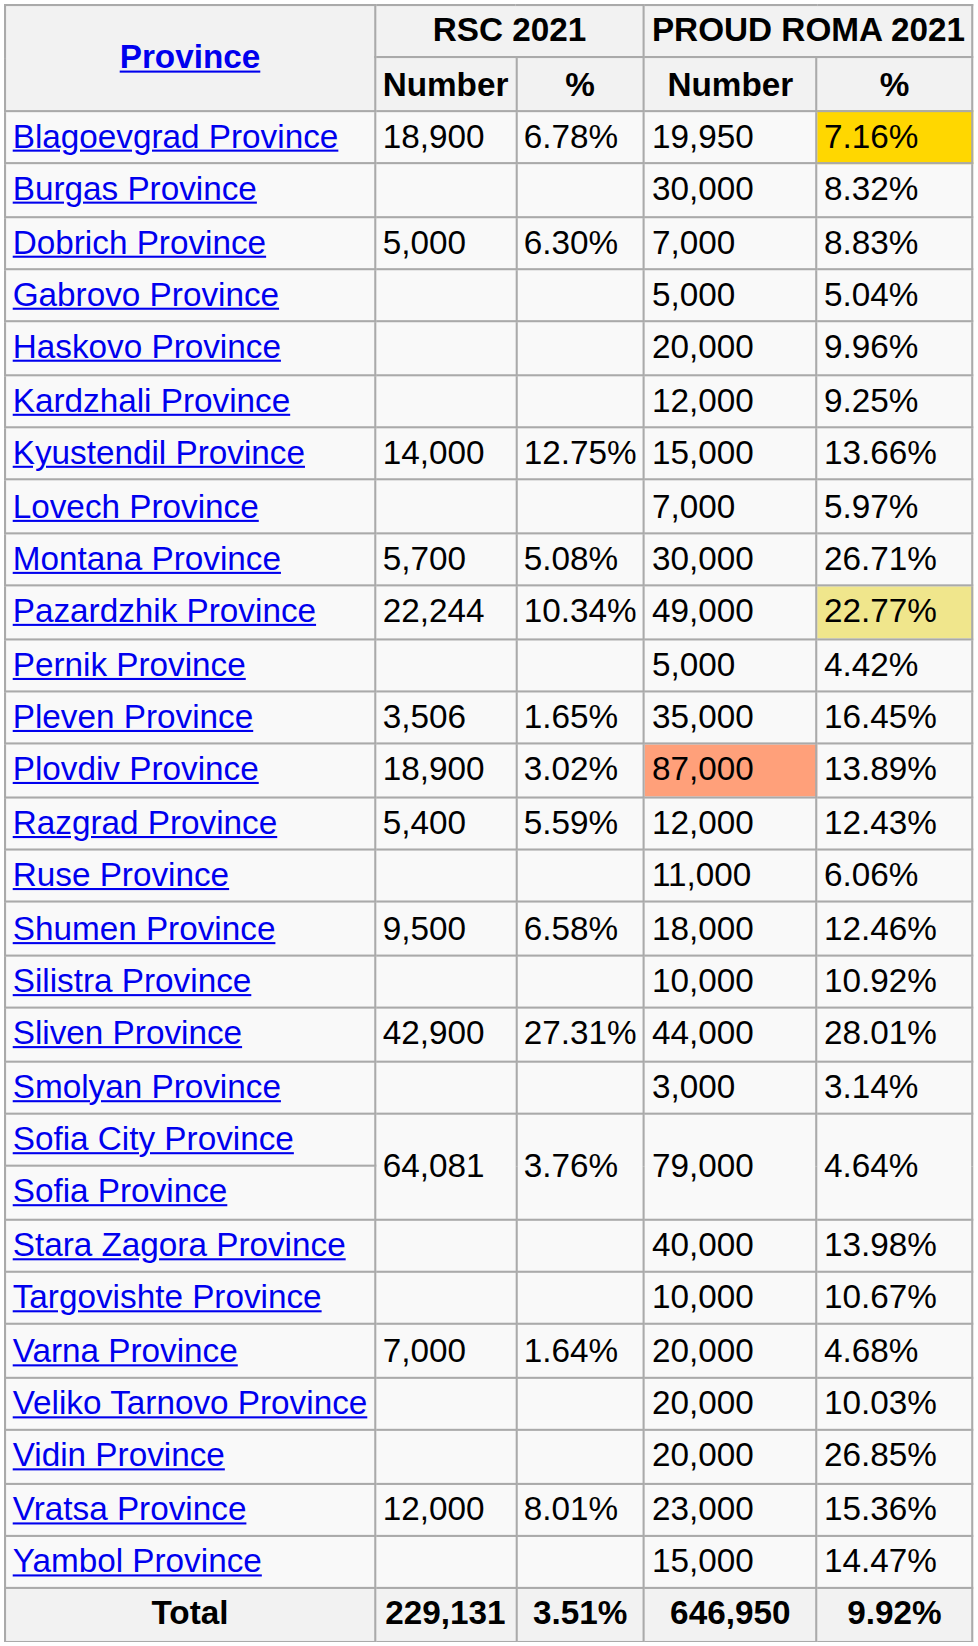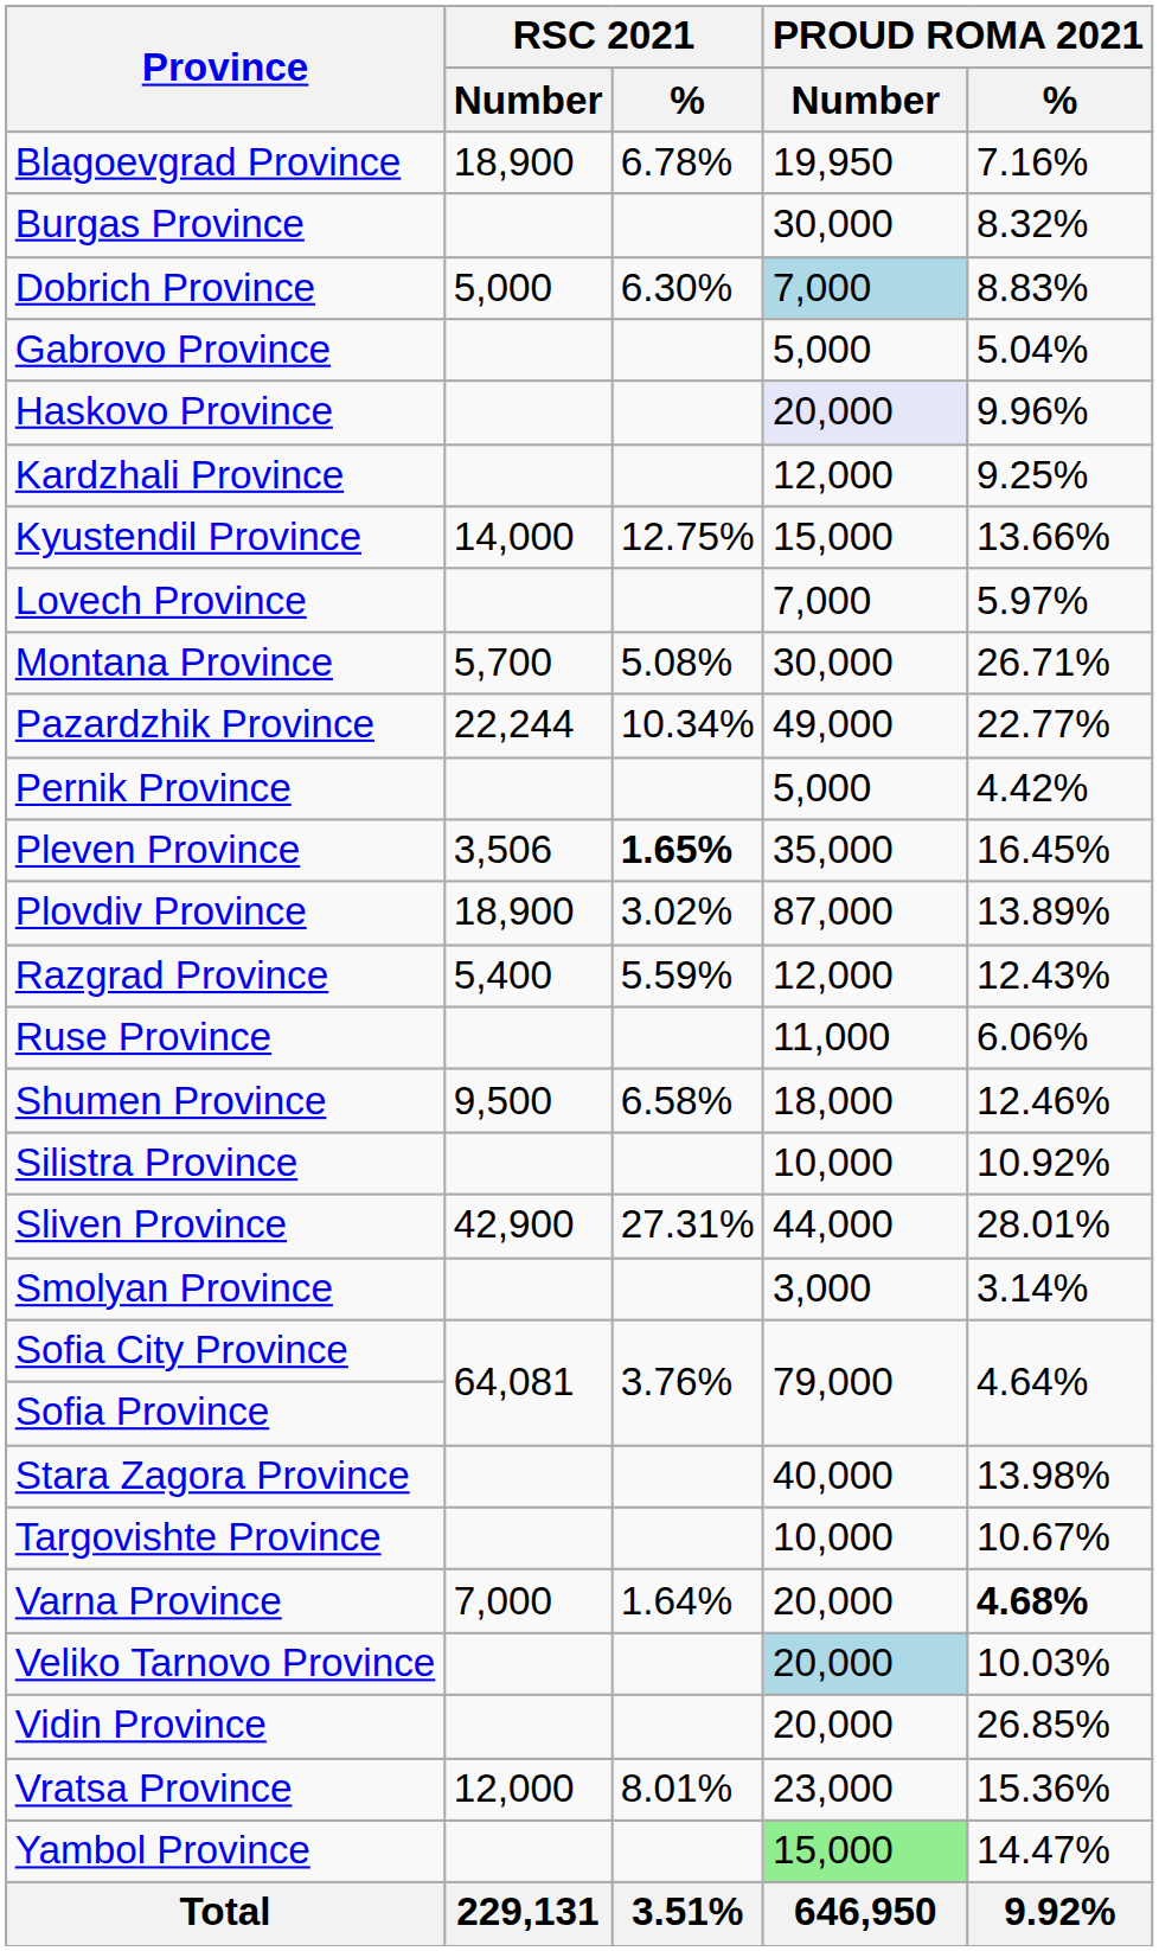 <table class="wikitable">
 <tr>
 <th rowspan="2"><a href='#'>Province</a></th>
 <th colspan="2">RSC 2021</th>
 <th colspan="2">PROUD ROMA 2021</th>
 </tr>
 <tr>
 <th>Number</th>
 <th>%</th>
 <th>Number</th>
 <th>%</th>
 </tr>
 <tr>
 <td><a href='#'>Blagoevgrad Province</a></td>
 <td>18,900</td>
 <td>6.78%</td>
 <td>19,950</td>
-<td style="background: gold;">7.16%</td>
+<td>7.16%</td>
 </tr>
 <tr>
 <td><a href='#'>Burgas Province</a></td>
 <td></td>
 <td></td>
 <td>30,000</td>
 <td>8.32%</td>
 </tr>
 <tr>
 <td><a href='#'>Dobrich Province</a></td>
 <td>5,000</td>
 <td>6.30%</td>
-<td>7,000</td>
+<td style="background: lightblue;">7,000</td>
 <td>8.83%</td>
 </tr>
 <tr>
 <td><a href='#'>Gabrovo Province</a></td>
 <td></td>
 <td></td>
 <td>5,000</td>
 <td>5.04%</td>
 </tr>
 <tr>
 <td><a href='#'>Haskovo Province</a></td>
 <td></td>
 <td></td>
-<td>20,000</td>
+<td style="background: lavender;">20,000</td>
 <td>9.96%</td>
 </tr>
 <tr>
 <td><a href='#'>Kardzhali Province</a></td>
 <td></td>
 <td></td>
 <td>12,000</td>
 <td>9.25%</td>
 </tr>
 <tr>
 <td><a href='#'>Kyustendil Province</a></td>
 <td>14,000</td>
 <td>12.75%</td>
 <td>15,000</td>
 <td>13.66%</td>
 </tr>
 <tr>
 <td><a href='#'>Lovech Province</a></td>
 <td></td>
 <td></td>
 <td>7,000</td>
 <td>5.97%</td>
 </tr>
 <tr>
 <td><a href='#'>Montana Province</a></td>
 <td>5,700</td>
 <td>5.08%</td>
 <td>30,000</td>
 <td>26.71%</td>
 </tr>
 <tr>
 <td><a href='#'>Pazardzhik Province</a></td>
 <td>22,244</td>
 <td>10.34%</td>
 <td>49,000</td>
-<td style="background: khaki;">22.77%</td>
+<td>22.77%</td>
 </tr>
 <tr>
 <td><a href='#'>Pernik Province</a></td>
 <td></td>
 <td></td>
 <td>5,000</td>
 <td>4.42%</td>
 </tr>
 <tr>
 <td><a href='#'>Pleven Province</a></td>
 <td>3,506</td>
-<td>1.65%</td>
+<td><strong>1.65%</strong></td>
 <td>35,000</td>
 <td>16.45%</td>
 </tr>
 <tr>
 <td><a href='#'>Plovdiv Province</a></td>
 <td>18,900</td>
 <td>3.02%</td>
-<td style="background: lightsalmon;">87,000</td>
+<td>87,000</td>
 <td>13.89%</td>
 </tr>
 <tr>
 <td><a href='#'>Razgrad Province</a></td>
 <td>5,400</td>
 <td>5.59%</td>
 <td>12,000</td>
 <td>12.43%</td>
 </tr>
 <tr>
 <td><a href='#'>Ruse Province</a></td>
 <td></td>
 <td></td>
 <td>11,000</td>
 <td>6.06%</td>
 </tr>
 <tr>
 <td><a href='#'>Shumen Province</a></td>
 <td>9,500</td>
 <td>6.58%</td>
 <td>18,000</td>
 <td>12.46%</td>
 </tr>
 <tr>
 <td><a href='#'>Silistra Province</a></td>
 <td></td>
 <td></td>
 <td>10,000</td>
 <td>10.92%</td>
 </tr>
 <tr>
 <td><a href='#'>Sliven Province</a></td>
 <td>42,900</td>
 <td>27.31%</td>
 <td>44,000</td>
 <td>28.01%</td>
 </tr>
 <tr>
 <td><a href='#'>Smolyan Province</a></td>
 <td></td>
 <td></td>
 <td>3,000</td>
 <td>3.14%</td>
 </tr>
 <tr>
 <td><a href='#'>Sofia City Province</a></td>
 <td rowspan="2">64,081</td>
 <td rowspan="2">3.76%</td>
 <td rowspan="2">79,000</td>
 <td rowspan="2">4.64%</td>
 </tr>
 <tr>
 <td><a href='#'>Sofia Province</a></td>
 </tr>
 <tr>
 <td><a href='#'>Stara Zagora Province</a></td>
 <td></td>
 <td></td>
 <td>40,000</td>
 <td>13.98%</td>
 </tr>
 <tr>
 <td><a href='#'>Targovishte Province</a></td>
 <td></td>
 <td></td>
 <td>10,000</td>
 <td>10.67%</td>
 </tr>
 <tr>
 <td><a href='#'>Varna Province</a></td>
 <td>7,000</td>
 <td>1.64%</td>
 <td>20,000</td>
-<td>4.68%</td>
+<td><strong>4.68%</strong></td>
 </tr>
 <tr>
 <td><a href='#'>Veliko Tarnovo Province</a></td>
 <td></td>
 <td></td>
-<td>20,000</td>
+<td style="background: lightblue;">20,000</td>
 <td>10.03%</td>
 </tr>
 <tr>
 <td><a href='#'>Vidin Province</a></td>
 <td></td>
 <td></td>
 <td>20,000</td>
 <td>26.85%</td>
 </tr>
 <tr>
 <td><a href='#'>Vratsa Province</a></td>
 <td>12,000</td>
 <td>8.01%</td>
 <td>23,000</td>
 <td>15.36%</td>
 </tr>
 <tr>
 <td><a href='#'>Yambol Province</a></td>
 <td></td>
 <td></td>
-<td>15,000</td>
+<td style="background: lightgreen;">15,000</td>
 <td>14.47%</td>
 </tr>
 <tr>
 <th>Total</th>
 <th>229,131</th>
 <th>3.51%</th>
 <th>646,950</th>
 <th>9.92%</th>
 </tr>
 </table>
